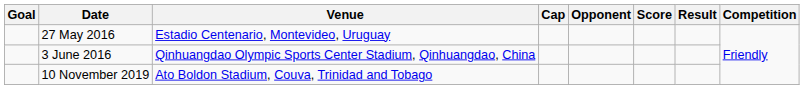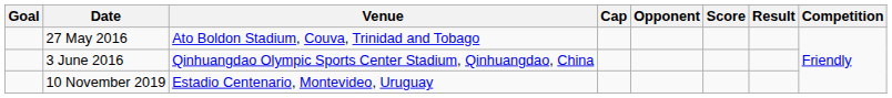 <table class="wikitable collapsible" style="font-size:90%">
 <tr>
 <th>Goal</th>
 <th>Date</th>
 <th>Venue</th>
 <th>Cap</th>
 <th>Opponent</th>
 <th>Score</th>
 <th>Result</th>
 <th>Competition</th>
 </tr>
 <tr>
 <td></td>
 <td>27 May 2016</td>
-<td><a href='#'>Estadio Centenario</a>, <a href='#'>Montevideo</a>, <a href='#'>Uruguay</a></td>
+<td><a href='#'>Ato Boldon Stadium</a>, <a href='#'>Couva</a>, <a href='#'>Trinidad and Tobago</a></td>
 <td></td>
 <td></td>
 <td></td>
 <td></td>
 <td rowspan=3><a href='#'>Friendly</a></td>
 </tr>
 <tr>
 <td></td>
 <td>3 June 2016</td>
 <td><a href='#'>Qinhuangdao Olympic Sports Center Stadium</a>, <a href='#'>Qinhuangdao</a>, <a href='#'>China</a></td>
 <td></td>
 <td></td>
 <td></td>
 <td></td>
 </tr>
 <tr>
 <td></td>
 <td>10 November 2019</td>
-<td><a href='#'>Ato Boldon Stadium</a>, <a href='#'>Couva</a>, <a href='#'>Trinidad and Tobago</a></td>
+<td><a href='#'>Estadio Centenario</a>, <a href='#'>Montevideo</a>, <a href='#'>Uruguay</a></td>
 <td></td>
 <td></td>
 <td></td>
 <td></td>
 </tr>
 </table>
